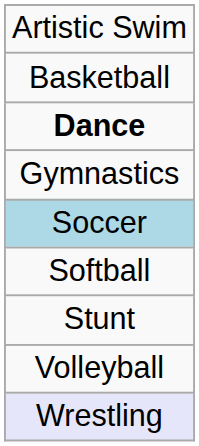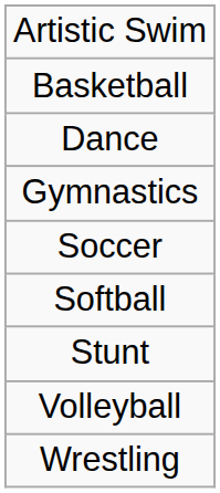 <table class="wikitable" style="text-align:center">
 <tr>
 </tr>
 <tr>
 <td>Artistic Swim</td>
 </tr>
 <tr>
 <td>Basketball</td>
 </tr>
 <tr>
-<td><strong>Dance</strong></td>
+<td>Dance</td>
 </tr>
 <tr>
 <td>Gymnastics</td>
 </tr>
 <tr>
-<td style="background: lightblue;">Soccer</td>
+<td>Soccer</td>
 </tr>
 <tr>
 <td>Softball</td>
 </tr>
 <tr>
 <td>Stunt</td>
 </tr>
 <tr>
 <td>Volleyball</td>
 </tr>
 <tr>
-<td style="background: lavender;">Wrestling</td>
+<td>Wrestling</td>
 </tr>
 </table>
